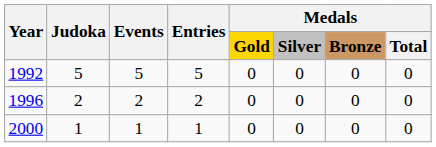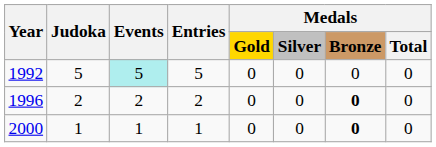 <table class=wikitable>
 <tr>
 <th rowspan=2>Year</th>
 <th rowspan=2>Judoka</th>
 <th rowspan=2>Events</th>
 <th rowspan=2>Entries</th>
 <th colspan=4>Medals</th>
 </tr>
 <tr>
 <td align=center bgcolor=gold><strong>Gold</strong></td>
 <td align=center bgcolor=silver><strong>Silver</strong></td>
 <td align=center bgcolor=cc9966><strong>Bronze</strong></td>
 <th>Total</th>
 </tr>
 <tr align=center>
 <td><a href='#'>1992</a></td>
 <td>5</td>
-<td>5</td>
+<td style="background: paleturquoise;">5</td>
 <td>5</td>
 <td>0</td>
 <td>0</td>
 <td>0</td>
 <td>0</td>
 </tr>
 <tr align=center>
 <td><a href='#'>1996</a></td>
 <td>2</td>
 <td>2</td>
 <td>2</td>
 <td>0</td>
 <td>0</td>
-<td>0</td>
+<td><strong>0</strong></td>
 <td>0</td>
 </tr>
 <tr align=center>
 <td><a href='#'>2000</a></td>
 <td>1</td>
 <td>1</td>
 <td>1</td>
 <td>0</td>
 <td>0</td>
-<td>0</td>
+<td><strong>0</strong></td>
 <td>0</td>
 </tr>
 </table>
